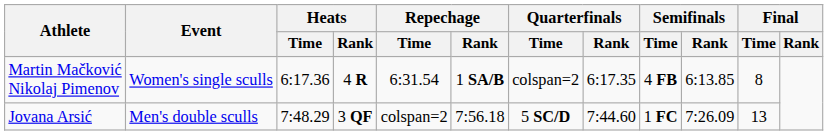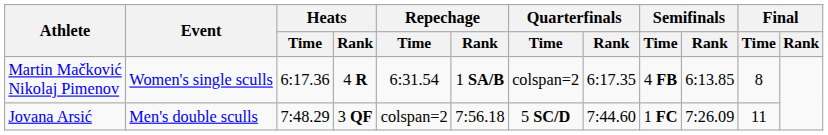 <table class=wikitable style=font-size:90%;text-align:center>
 <tr>
 <th rowspan=2>Athlete</th>
 <th rowspan=2>Event</th>
 <th colspan=2>Heats</th>
 <th colspan=2>Repechage</th>
 <th colspan=2>Quarterfinals</th>
 <th colspan=2>Semifinals</th>
 <th colspan=2>Final</th>
 </tr>
 <tr style=font-size:95%>
 <th>Time</th>
 <th>Rank</th>
 <th>Time</th>
 <th>Rank</th>
 <th>Time</th>
 <th>Rank</th>
 <th>Time</th>
 <th>Rank</th>
 <th>Time</th>
 <th>Rank</th>
 </tr>
 <tr>
 <td align=left><a href='#'>Martin Mačković</a><br><a href='#'>Nikolaj Pimenov</a></td>
 <td align=left><a href='#'>Women's single sculls</a></td>
 <td>6:17.36</td>
 <td>4 <strong>R</strong></td>
 <td>6:31.54</td>
 <td>1 <strong>SA/B</strong></td>
 <td>colspan=2 </td>
 <td>6:17.35</td>
 <td>4 <strong>FB</strong></td>
 <td>6:13.85</td>
 <td>8</td>
 </tr>
 <tr>
 <td align=left><a href='#'>Jovana Arsić</a></td>
 <td align=left><a href='#'>Men's double sculls</a></td>
 <td>7:48.29</td>
 <td>3 <strong>QF</strong></td>
 <td>colspan=2 </td>
 <td>7:56.18</td>
 <td>5 <strong>SC/D</strong></td>
 <td>7:44.60</td>
 <td>1 <strong>FC</strong></td>
 <td>7:26.09</td>
-<td>13</td>
+<td>11</td>
 </tr>
 </table>
